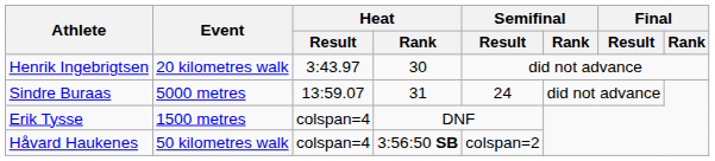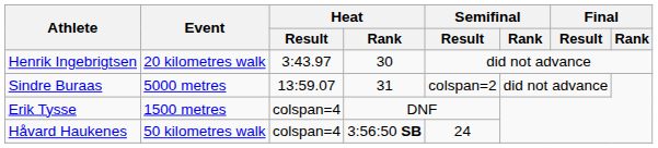 <table class="wikitable" style="font-size:90%">
 <tr>
 <th rowspan="2">Athlete</th>
 <th rowspan="2">Event</th>
 <th colspan="2">Heat</th>
 <th colspan="2">Semifinal</th>
 <th colspan="2">Final</th>
 </tr>
 <tr style="font-size:95%">
 <th>Result</th>
 <th>Rank</th>
 <th>Result</th>
 <th>Rank</th>
 <th>Result</th>
 <th>Rank</th>
 </tr>
 <tr style=text-align:center>
 <td style=text-align:left><a href='#'>Henrik Ingebrigtsen</a></td>
 <td style=text-align:left><a href='#'>20 kilometres walk</a></td>
 <td>3:43.97</td>
 <td>30</td>
 <td colspan="4">did not advance</td>
 </tr>
 <tr style=text-align:center>
 <td style=text-align:left><a href='#'>Sindre Buraas</a></td>
 <td style=text-align:left><a href='#'>5000 metres</a></td>
 <td>13:59.07</td>
 <td>31</td>
-<td>24</td>
+<td>colspan=2 </td>
 <td colspan="2">did not advance</td>
 </tr>
 <tr style=text-align:center>
 <td style=text-align:left><a href='#'>Erik Tysse</a></td>
 <td style=text-align:left><a href='#'>1500 metres</a></td>
 <td>colspan=4 </td>
 <td colspan="2">DNF</td>
 </tr>
 <tr style=text-align:center>
 <td style=text-align:left><a href='#'>Håvard Haukenes</a></td>
 <td style=text-align:left><a href='#'>50 kilometres walk</a></td>
 <td>colspan=4 </td>
 <td>3:56:50 <strong>SB</strong></td>
-<td>colspan=2 </td>
+<td>24</td>
 </tr>
 </table>
